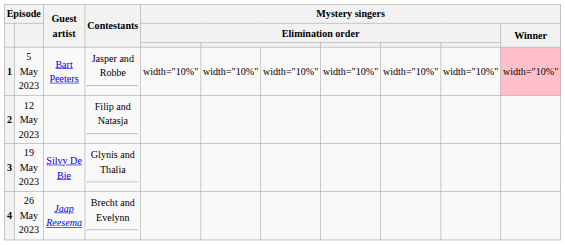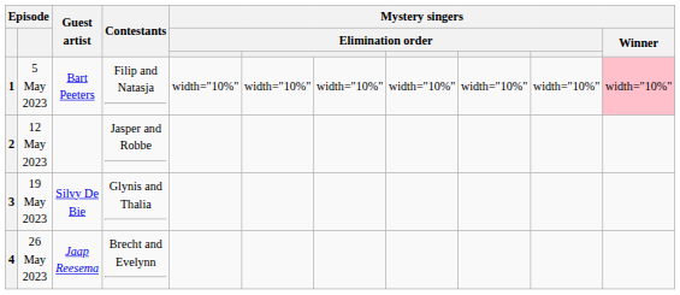 <table class="wikitable plainrowheaders mw-collapsible" style="text-align:center; line-height:23px; width:100%;">
 <tr>
 <th colspan="2" width="1%">Episode</th>
 <th rowspan="3" width="10%">Guest artist</th>
 <th rowspan="3" width="10%">Contestants</th>
 <th colspan="7">Mystery singers<br></th>
 </tr>
 <tr>
 <th rowspan="2"></th>
 <th rowspan="2"></th>
 <th colspan="6">Elimination order</th>
 <th rowspan="2">Winner</th>
 </tr>
 <tr>
 <th></th>
 <th colspan="2"></th>
 <th></th>
 <th></th>
 <th></th>
 </tr>
 <tr>
 <th>1</th>
 <td>5 May 2023</td>
 <td><a href='#'>Bart Peeters</a><br></td>
-<td>Jasper and Robbe<hr></td>
+<td>Filip and Natasja<hr></td>
 <td>width="10%" </td>
 <td>width="10%" </td>
 <td>width="10%" </td>
 <td>width="10%" </td>
 <td>width="10%" </td>
 <td>width="10%" </td>
 <td style="background: pink;">width="10%" </td>
 </tr>
 <tr>
 <th>2</th>
 <td>12 May 2023</td>
 <td></td>
-<td>Filip and Natasja<hr></td>
+<td>Jasper and Robbe<hr></td>
 <td></td>
 <td></td>
 <td></td>
 <td></td>
 <td></td>
 <td></td>
 <td></td>
 </tr>
 <tr>
 <th>3</th>
 <td>19 May 2023</td>
 <td><a href='#'>Silvy De Bie</a><br></td>
 <td>Glynis and Thalia<hr></td>
 <td></td>
 <td></td>
 <td></td>
 <td></td>
 <td></td>
 <td></td>
 <td></td>
 </tr>
 <tr>
 <th>4</th>
 <td>26 May 2023</td>
 <td><em><a href='#'>Jaap Reesema</a></em></td>
 <td>Brecht and Evelynn<hr></td>
 <td></td>
 <td></td>
 <td></td>
 <td></td>
 <td></td>
 <td></td>
 <td></td>
 </tr>
 </table>
